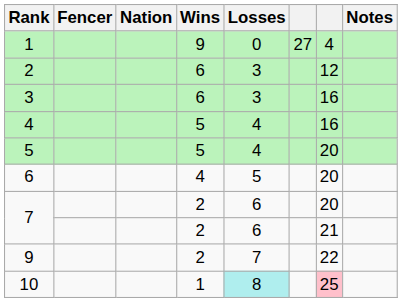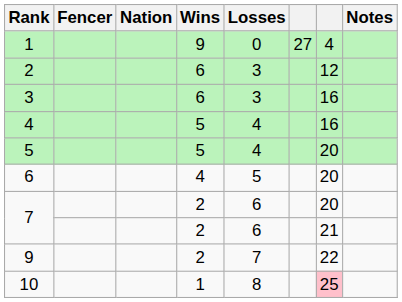 <table class="wikitable sortable" style="text-align: center;">
 <tr>
 <th>Rank</th>
 <th>Fencer</th>
 <th>Nation</th>
 <th>Wins</th>
 <th>Losses</th>
 <th></th>
 <th></th>
 <th>Notes</th>
 </tr>
 <tr style="background:#bbf3bb;">
 <td>1</td>
 <td align=left></td>
 <td align=left></td>
 <td>9</td>
 <td>0</td>
 <td>27</td>
 <td>4</td>
 <td></td>
 </tr>
 <tr style="background:#bbf3bb;">
 <td>2</td>
 <td align=left></td>
 <td align=left></td>
 <td>6</td>
 <td>3</td>
 <td></td>
 <td>12</td>
 <td></td>
 </tr>
 <tr style="background:#bbf3bb;">
 <td>3</td>
 <td align=left></td>
 <td align=left></td>
 <td>6</td>
 <td>3</td>
 <td></td>
 <td>16</td>
 <td></td>
 </tr>
 <tr style="background:#bbf3bb;">
 <td>4</td>
 <td align=left></td>
 <td align=left></td>
 <td>5</td>
 <td>4</td>
 <td></td>
 <td>16</td>
 <td></td>
 </tr>
 <tr style="background:#bbf3bb;">
 <td>5</td>
 <td align=left></td>
 <td align=left></td>
 <td>5</td>
 <td>4</td>
 <td></td>
 <td>20</td>
 <td></td>
 </tr>
 <tr>
 <td>6</td>
 <td align=left></td>
 <td align=left></td>
 <td>4</td>
 <td>5</td>
 <td></td>
 <td>20</td>
 <td></td>
 </tr>
 <tr>
 <td rowspan=2>7</td>
 <td align=left></td>
 <td align=left></td>
 <td>2</td>
 <td>6</td>
 <td></td>
 <td>20</td>
 <td></td>
 </tr>
 <tr>
 <td align=left></td>
 <td align=left></td>
 <td>2</td>
 <td>6</td>
 <td></td>
 <td>21</td>
 <td></td>
 </tr>
 <tr>
 <td>9</td>
 <td align=left></td>
 <td align=left></td>
 <td>2</td>
 <td>7</td>
 <td></td>
 <td>22</td>
 <td></td>
 </tr>
 <tr>
 <td>10</td>
 <td align=left></td>
 <td align=left></td>
 <td>1</td>
-<td style="background: paleturquoise;">8</td>
+<td>8</td>
 <td></td>
 <td style="background: pink;">25</td>
 <td></td>
 </tr>
 </table>
